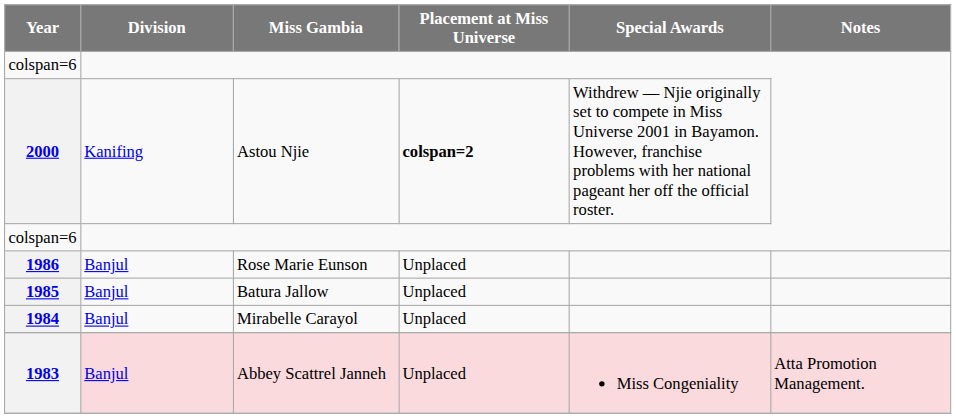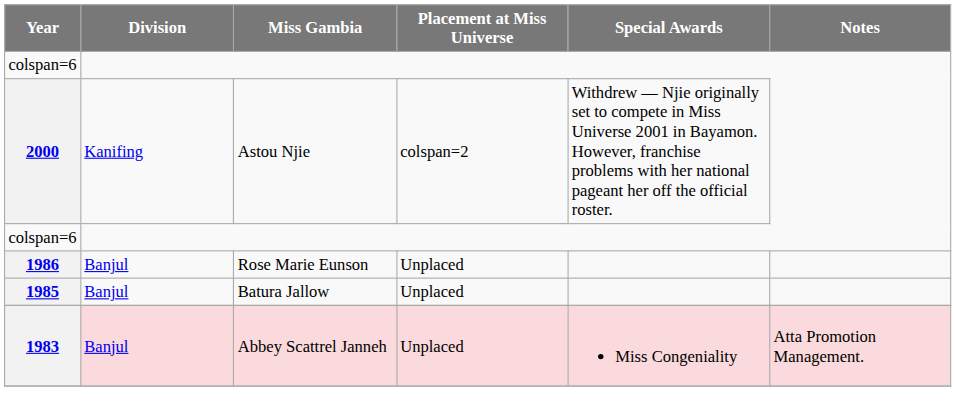 <table class="wikitable " style="font-size: 95%;">
 <tr>
 <th width="60" style="background-color:#787878;color:#FFFFFF;">Year</th>
 <th width="230" style="background-color:#787878;color:#FFFFFF;">Division</th>
 <th width="250" style="background-color:#787878;color:#FFFFFF;">Miss Gambia</th>
 <th width="250" style="background-color:#787878;color:#FFFFFF;">Placement at Miss Universe</th>
 <th width="250" style="background-color:#787878;color:#FFFFFF;">Special Awards</th>
 <th width="250" style="background-color:#787878;color:#FFFFFF;">Notes</th>
 </tr>
 <tr>
 <td>colspan=6 </td>
 </tr>
 <tr>
 <th><a href='#'>2000</a></th>
 <td><a href='#'>Kanifing</a></td>
 <td>Astou Njie</td>
-<td><strong>colspan=2 </strong></td>
+<td>colspan=2 </td>
 <td>Withdrew — Njie originally set to compete in Miss Universe 2001 in Bayamon. However, franchise problems with her national pageant her off the official roster.</td>
 </tr>
 <tr>
 <td>colspan=6 </td>
 </tr>
 <tr>
 <th><a href='#'>1986</a></th>
 <td><a href='#'>Banjul</a></td>
 <td>Rose Marie Eunson</td>
 <td>Unplaced</td>
 <td></td>
 <td></td>
 </tr>
 <tr>
 <th><a href='#'>1985</a></th>
 <td><a href='#'>Banjul</a></td>
 <td>Batura Jallow</td>
 <td>Unplaced</td>
 <td></td>
 <td></td>
 </tr>
 <tr>
-<th><a href='#'>1984</a></th>
-<td><a href='#'>Banjul</a></td>
-<td>Mirabelle Carayol</td>
-<td>Unplaced</td>
-<td></td>
-<td></td>
-</tr>
-<tr>
 </tr>
 <tr style="background-color:#FADADD; ">
 <th><a href='#'>1983</a></th>
 <td><a href='#'>Banjul</a></td>
 <td>Abbey Scattrel Janneh</td>
 <td>Unplaced</td>
 <td align="left"><br><ul><li>Miss Congeniality</li></ul></td>
 <td>Atta Promotion Management.</td>
 </tr>
 <tr>
 </tr>
 </table>
